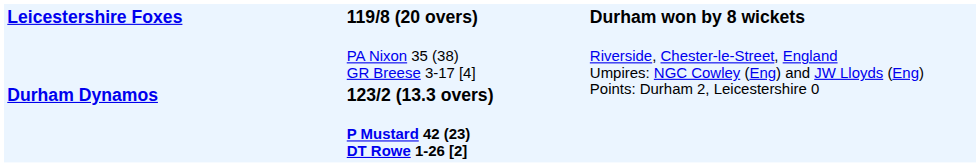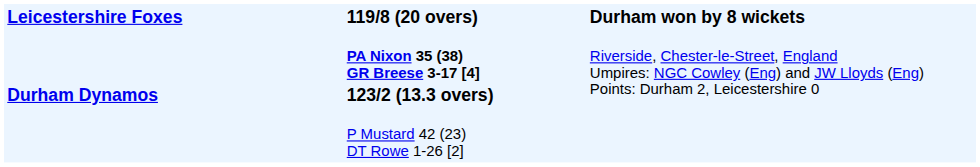 <table style="width:100%; background:#ebf5ff;">
 <tr>
 <td style="width:35%; vertical-align:top;" rowspan="2"><strong><a href='#'>Leicestershire Foxes</a></strong></td>
 <td style="width:25%;"><strong>119/8 (20 overs)</strong></td>
 <td style="width:40%;"><strong>Durham won by 8 wickets</strong></td>
 </tr>
 <tr>
-<td style="font-size: 85%;"><br><a href='#'>PA Nixon</a> 35 (38)<br> <a href='#'>GR Breese</a> 3-17 [4]</td>
+<td style="font-size: 85%;"><strong><br><a href='#'>PA Nixon</a> 35 (38)<br> <a href='#'>GR Breese</a> 3-17 [4]</strong></td>
 <td style="vertical-align:top; font-size:85%;" rowspan="3"><br><a href='#'>Riverside</a>, <a href='#'>Chester-le-Street</a>, <a href='#'>England</a><br> Umpires: <a href='#'>NGC Cowley</a> (<a href='#'>Eng</a>) and <a href='#'>JW Lloyds</a> (<a href='#'>Eng</a>)<br> Points: Durham 2, Leicestershire 0</td>
 </tr>
 <tr>
 <td style="vertical-align:top;" rowspan="2"><strong><a href='#'>Durham Dynamos</a></strong></td>
 <td><strong>123/2 (13.3 overs)</strong></td>
 </tr>
 <tr>
-<td style="font-size: 85%;"><strong><br><a href='#'>P Mustard</a> 42 (23)<br> <a href='#'>DT Rowe</a> 1-26 [2]</strong></td>
+<td style="font-size: 85%;"><br><a href='#'>P Mustard</a> 42 (23)<br> <a href='#'>DT Rowe</a> 1-26 [2]</td>
 </tr>
 </table>
